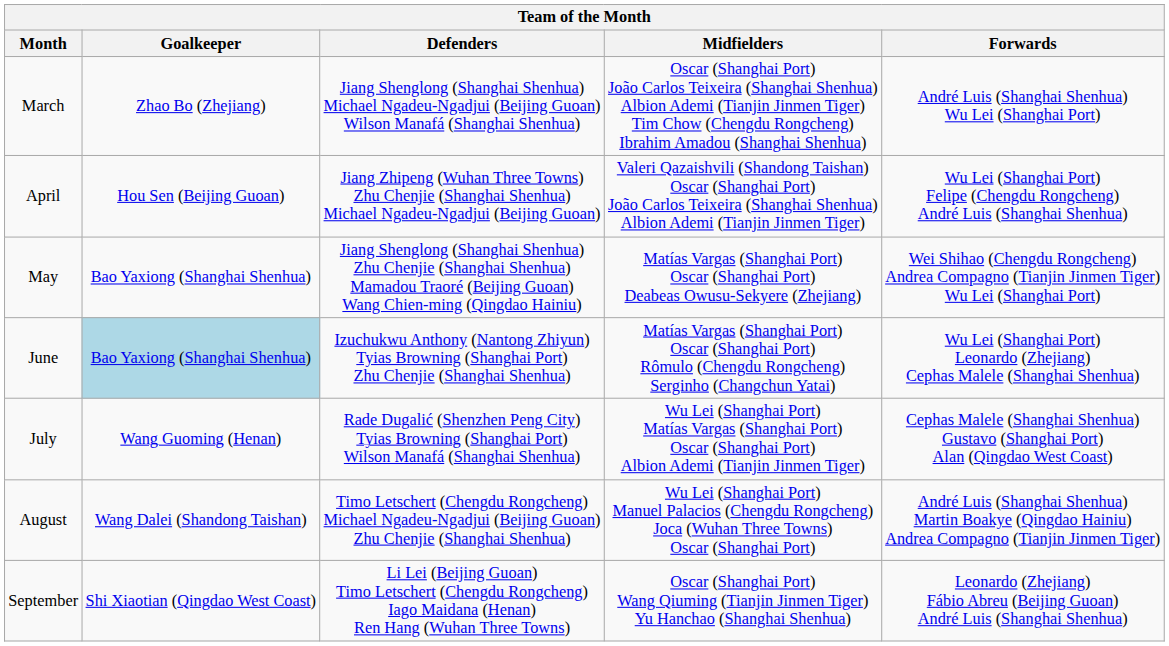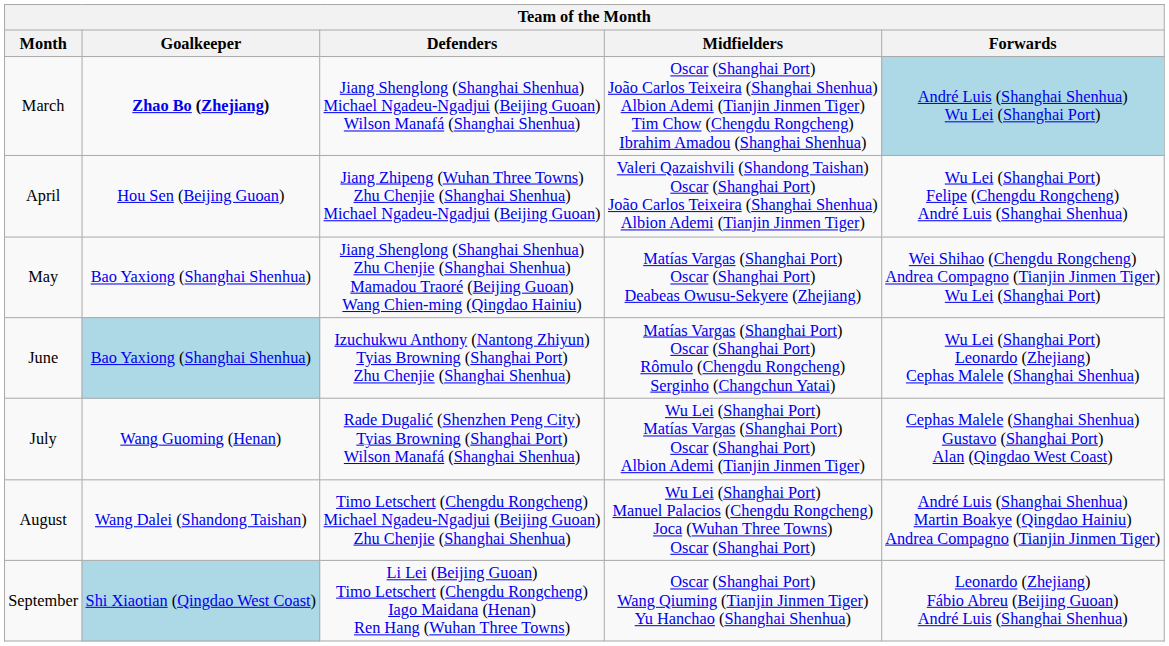 <table class="wikitable" style="text-align:center">
 <tr>
 <th colspan="5">Team of the Month</th>
 </tr>
 <tr>
 <th>Month</th>
 <th><strong>Goalkeeper</strong></th>
 <th><strong>Defenders</strong></th>
 <th><strong>Midfielders</strong></th>
 <th><strong>Forwards</strong></th>
 </tr>
 <tr>
 <td>March</td>
-<td> <a href='#'>Zhao Bo</a> (<a href='#'>Zhejiang</a>)</td>
+<td><strong> <a href='#'>Zhao Bo</a> (<a href='#'>Zhejiang</a>)</strong></td>
 <td> <a href='#'>Jiang Shenglong</a> (<a href='#'>Shanghai Shenhua</a>)<br> <a href='#'>Michael Ngadeu-Ngadjui</a> (<a href='#'>Beijing Guoan</a>)<br> <a href='#'>Wilson Manafá</a> (<a href='#'>Shanghai Shenhua</a>)</td>
 <td> <a href='#'>Oscar</a> (<a href='#'>Shanghai Port</a>)<br> <a href='#'>João Carlos Teixeira</a> (<a href='#'>Shanghai Shenhua</a>)<br> <a href='#'>Albion Ademi</a> (<a href='#'>Tianjin Jinmen Tiger</a>)<br> <a href='#'>Tim Chow</a> (<a href='#'>Chengdu Rongcheng</a>)<br> <a href='#'>Ibrahim Amadou</a> (<a href='#'>Shanghai Shenhua</a>)</td>
-<td> <a href='#'>André Luis</a> (<a href='#'>Shanghai Shenhua</a>)<br> <a href='#'>Wu Lei</a> (<a href='#'>Shanghai Port</a>)</td>
+<td style="background: lightblue;"> <a href='#'>André Luis</a> (<a href='#'>Shanghai Shenhua</a>)<br> <a href='#'>Wu Lei</a> (<a href='#'>Shanghai Port</a>)</td>
 </tr>
 <tr>
 <td>April</td>
 <td> <a href='#'>Hou Sen</a> (<a href='#'>Beijing Guoan</a>)</td>
 <td> <a href='#'>Jiang Zhipeng</a> (<a href='#'>Wuhan Three Towns</a>)<br> <a href='#'>Zhu Chenjie</a> (<a href='#'>Shanghai Shenhua</a>)<br> <a href='#'>Michael Ngadeu-Ngadjui</a> (<a href='#'>Beijing Guoan</a>)</td>
 <td> <a href='#'>Valeri Qazaishvili</a> (<a href='#'>Shandong Taishan</a>)<br> <a href='#'>Oscar</a> (<a href='#'>Shanghai Port</a>)<br> <a href='#'>João Carlos Teixeira</a> (<a href='#'>Shanghai Shenhua</a>)<br> <a href='#'>Albion Ademi</a> (<a href='#'>Tianjin Jinmen Tiger</a>)</td>
 <td> <a href='#'>Wu Lei</a> (<a href='#'>Shanghai Port</a>)<br> <a href='#'>Felipe</a> (<a href='#'>Chengdu Rongcheng</a>)<br> <a href='#'>André Luis</a> (<a href='#'>Shanghai Shenhua</a>)</td>
 </tr>
 <tr>
 <td>May</td>
 <td> <a href='#'>Bao Yaxiong</a> (<a href='#'>Shanghai Shenhua</a>)</td>
 <td> <a href='#'>Jiang Shenglong</a> (<a href='#'>Shanghai Shenhua</a>)<br> <a href='#'>Zhu Chenjie</a> (<a href='#'>Shanghai Shenhua</a>)<br> <a href='#'>Mamadou Traoré</a> (<a href='#'>Beijing Guoan</a>)<br> <a href='#'>Wang Chien-ming</a> (<a href='#'>Qingdao Hainiu</a>)</td>
 <td> <a href='#'>Matías Vargas</a> (<a href='#'>Shanghai Port</a>)<br> <a href='#'>Oscar</a> (<a href='#'>Shanghai Port</a>)<br> <a href='#'>Deabeas Owusu-Sekyere</a> (<a href='#'>Zhejiang</a>)</td>
 <td> <a href='#'>Wei Shihao</a> (<a href='#'>Chengdu Rongcheng</a>)<br> <a href='#'>Andrea Compagno</a> (<a href='#'>Tianjin Jinmen Tiger</a>)<br> <a href='#'>Wu Lei</a> (<a href='#'>Shanghai Port</a>)</td>
 </tr>
 <tr>
 <td>June</td>
 <td style="background: lightblue;"> <a href='#'>Bao Yaxiong</a> (<a href='#'>Shanghai Shenhua</a>)</td>
 <td> <a href='#'>Izuchukwu Anthony</a> (<a href='#'>Nantong Zhiyun</a>)<br> <a href='#'>Tyias Browning</a> (<a href='#'>Shanghai Port</a>)<br> <a href='#'>Zhu Chenjie</a> (<a href='#'>Shanghai Shenhua</a>)</td>
 <td> <a href='#'>Matías Vargas</a> (<a href='#'>Shanghai Port</a>)<br> <a href='#'>Oscar</a> (<a href='#'>Shanghai Port</a>)<br> <a href='#'>Rômulo</a> (<a href='#'>Chengdu Rongcheng</a>)<br> <a href='#'>Serginho</a> (<a href='#'>Changchun Yatai</a>)</td>
 <td> <a href='#'>Wu Lei</a> (<a href='#'>Shanghai Port</a>)<br> <a href='#'>Leonardo</a> (<a href='#'>Zhejiang</a>)<br> <a href='#'>Cephas Malele</a> (<a href='#'>Shanghai Shenhua</a>)</td>
 </tr>
 <tr>
 <td>July</td>
 <td> <a href='#'>Wang Guoming</a> (<a href='#'>Henan</a>)</td>
 <td> <a href='#'>Rade Dugalić</a> (<a href='#'>Shenzhen Peng City</a>)<br> <a href='#'>Tyias Browning</a> (<a href='#'>Shanghai Port</a>)<br> <a href='#'>Wilson Manafá</a> (<a href='#'>Shanghai Shenhua</a>)</td>
 <td> <a href='#'>Wu Lei</a> (<a href='#'>Shanghai Port</a>)<br> <a href='#'>Matías Vargas</a> (<a href='#'>Shanghai Port</a>)<br> <a href='#'>Oscar</a> (<a href='#'>Shanghai Port</a>)<br> <a href='#'>Albion Ademi</a> (<a href='#'>Tianjin Jinmen Tiger</a>)</td>
 <td> <a href='#'>Cephas Malele</a> (<a href='#'>Shanghai Shenhua</a>)<br> <a href='#'>Gustavo</a> (<a href='#'>Shanghai Port</a>)<br> <a href='#'>Alan</a> (<a href='#'>Qingdao West Coast</a>)</td>
 </tr>
 <tr>
 <td>August</td>
 <td> <a href='#'>Wang Dalei</a> (<a href='#'>Shandong Taishan</a>)</td>
 <td> <a href='#'>Timo Letschert</a> (<a href='#'>Chengdu Rongcheng</a>)<br> <a href='#'>Michael Ngadeu-Ngadjui</a> (<a href='#'>Beijing Guoan</a>)<br> <a href='#'>Zhu Chenjie</a> (<a href='#'>Shanghai Shenhua</a>)</td>
 <td> <a href='#'>Wu Lei</a> (<a href='#'>Shanghai Port</a>)<br> <a href='#'>Manuel Palacios</a> (<a href='#'>Chengdu Rongcheng</a>)<br> <a href='#'>Joca</a> (<a href='#'>Wuhan Three Towns</a>)<br> <a href='#'>Oscar</a> (<a href='#'>Shanghai Port</a>)</td>
 <td> <a href='#'>André Luis</a> (<a href='#'>Shanghai Shenhua</a>)<br> <a href='#'>Martin Boakye</a> (<a href='#'>Qingdao Hainiu</a>)<br> <a href='#'>Andrea Compagno</a> (<a href='#'>Tianjin Jinmen Tiger</a>)</td>
 </tr>
 <tr>
 <td>September</td>
-<td> <a href='#'>Shi Xiaotian</a> (<a href='#'>Qingdao West Coast</a>)</td>
+<td style="background: lightblue;"> <a href='#'>Shi Xiaotian</a> (<a href='#'>Qingdao West Coast</a>)</td>
 <td> <a href='#'>Li Lei</a> (<a href='#'>Beijing Guoan</a>)<br> <a href='#'>Timo Letschert</a> (<a href='#'>Chengdu Rongcheng</a>)<br> <a href='#'>Iago Maidana</a> (<a href='#'>Henan</a>)<br> <a href='#'>Ren Hang</a> (<a href='#'>Wuhan Three Towns</a>)</td>
 <td> <a href='#'>Oscar</a> (<a href='#'>Shanghai Port</a>)<br> <a href='#'>Wang Qiuming</a> (<a href='#'>Tianjin Jinmen Tiger</a>)<br> <a href='#'>Yu Hanchao</a> (<a href='#'>Shanghai Shenhua</a>)</td>
 <td> <a href='#'>Leonardo</a> (<a href='#'>Zhejiang</a>)<br> <a href='#'>Fábio Abreu</a> (<a href='#'>Beijing Guoan</a>)<br> <a href='#'>André Luis</a> (<a href='#'>Shanghai Shenhua</a>)</td>
 </tr>
 </table>
